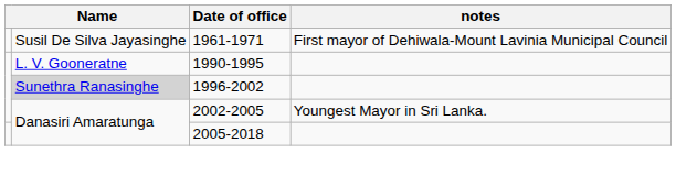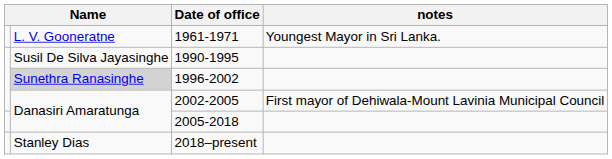 <table class="wikitable sortable">
 <tr>
 <th scope=col colspan="2">Name</th>
 <th scope=col>Date of office</th>
 <th scope=col>notes</th>
 </tr>
 <tr>
 <td></td>
-<td>Susil De Silva Jayasinghe</td>
+<td><a href='#'>L. V. Gooneratne</a></td>
 <td>1961-1971</td>
-<td>First mayor of Dehiwala-Mount Lavinia Municipal Council</td>
+<td>Youngest Mayor in Sri Lanka.</td>
 </tr>
 <tr>
 <td rowspan="3" style="background:"></td>
-<td><a href='#'>L. V. Gooneratne</a></td>
+<td>Susil De Silva Jayasinghe</td>
 <td>1990-1995</td>
 <td></td>
 </tr>
 <tr>
 <td style="background: lightgrey;"><a href='#'>Sunethra Ranasinghe</a></td>
 <td>1996-2002</td>
 <td></td>
 </tr>
 <tr>
 <td rowspan=2>Danasiri Amaratunga</td>
 <td>2002-2005</td>
-<td>Youngest Mayor in Sri Lanka.</td>
+<td>First mayor of Dehiwala-Mount Lavinia Municipal Council</td>
 </tr>
 <tr>
 <td style="background:"></td>
 <td>2005-2018</td>
 <td></td>
 </tr>
+<tr>
+<td !align="center" style="background:"></td>
+<td>Stanley Dias</td>
+<td>2018–present</td>
+<td></td>
+</tr>
 </table>
